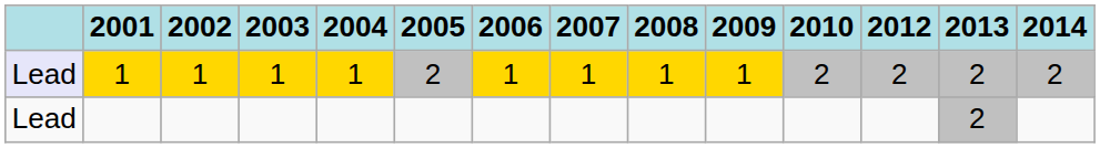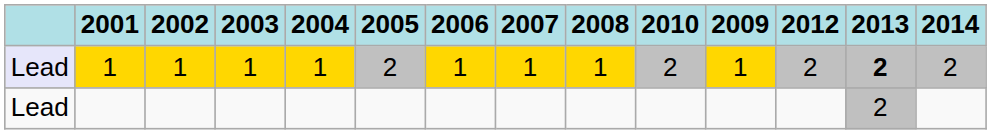 <table class="wikitable" style="text-align: center;">
 <tr>
 <th style="background: #b0e0e6;"></th>
 <th style="background: #b0e0e6;">2001</th>
 <th style="background: #b0e0e6;">2002</th>
 <th style="background: #b0e0e6;">2003</th>
 <th style="background: #b0e0e6;">2004</th>
 <th style="background: #b0e0e6;">2005</th>
 <th style="background: #b0e0e6;">2006</th>
 <th style="background: #b0e0e6;">2007</th>
 <th style="background: #b0e0e6;">2008</th>
+<th style="background: #b0e0e6;">2010</th>
 <th style="background: #b0e0e6;">2009</th>
-<th style="background: #b0e0e6;">2010</th>
 <th style="background: #b0e0e6;">2012</th>
 <th style="background: #b0e0e6;">2013</th>
 <th style="background: #b0e0e6;">2014</th>
 </tr>
 <tr>
 <td align="left" style="background: lavender;">Lead</td>
 <td style="background: gold;">1</td>
 <td style="background: gold;">1</td>
 <td style="background: gold;">1</td>
 <td style="background: gold;">1</td>
 <td style="background: silver;">2</td>
 <td style="background: gold;">1</td>
 <td style="background: gold;">1</td>
 <td style="background: gold;">1</td>
+<td style="background: silver;">2</td>
 <td style="background: gold;">1</td>
 <td style="background: silver;">2</td>
-<td style="background: silver;">2</td>
-<td style="background: silver;">2</td>
+<td style="background: silver;"><strong>2</strong></td>
 <td style="background: silver;">2</td>
 </tr>
 <tr>
 <td align="left">Lead</td>
 <td></td>
 <td></td>
 <td></td>
 <td></td>
 <td></td>
 <td></td>
 <td></td>
 <td></td>
 <td></td>
 <td></td>
 <td></td>
 <td style="background: silver;">2</td>
 <td></td>
 </tr>
 </table>
